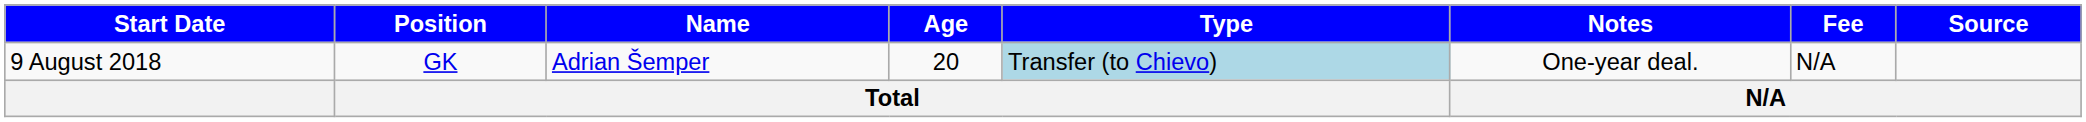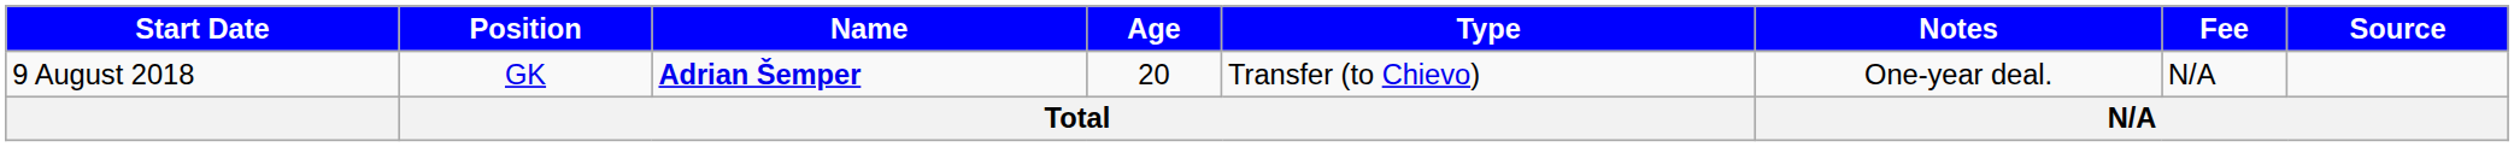 <table class="wikitable" style="text-align:center; font-size:90%; width:80%;">
 <tr>
 <th style="background:#0000ff; color:white; text-align:center;">Start Date</th>
 <th style="background:#0000ff; color:white; text-align:center;">Position</th>
 <th style="background:#0000ff; color:white; text-align:center;">Name</th>
 <th style="background:#0000ff; color:white; text-align:center;">Age</th>
 <th style="background:#0000ff; color:white; text-align:center;">Type</th>
 <th style="background:#0000ff; color:white; text-align:center;">Notes</th>
 <th style="background:#0000ff; color:white; text-align:center;">Fee</th>
 <th style="background:#0000ff; color:white; text-align:center;">Source</th>
 </tr>
 <tr>
 <td style="text-align:left;">9 August 2018</td>
 <td><a href='#'>GK</a></td>
-<td style="text-align:left;"> <a href='#'>Adrian Šemper</a></td>
+<td style="text-align:left;"><strong> <a href='#'>Adrian Šemper</a></strong></td>
 <td>20</td>
-<td style="background: lightblue; text-align:left;">Transfer (to  <a href='#'>Chievo</a>)</td>
+<td style="text-align:left;">Transfer (to  <a href='#'>Chievo</a>)</td>
 <td>One-year deal.</td>
 <td style="text-align:left;">N/A</td>
 <td></td>
 </tr>
 <tr>
 <th></th>
 <th colspan="4">Total</th>
 <th colspan="3">N/A</th>
 </tr>
 </table>
